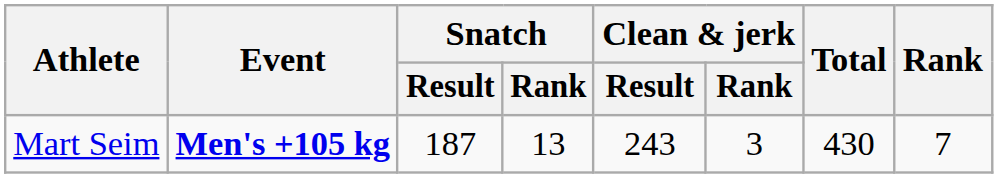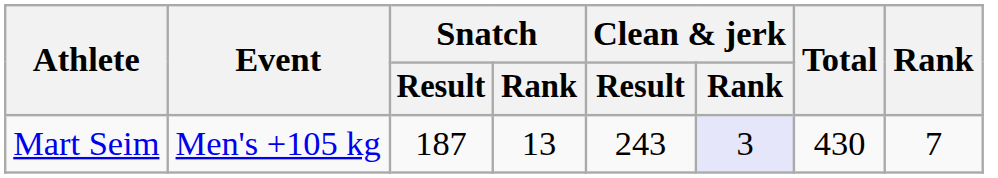 <table class="wikitable" style="font-size:90%">
 <tr>
 <th rowspan="2">Athlete</th>
 <th rowspan="2">Event</th>
 <th colspan="2">Snatch</th>
 <th colspan="2">Clean & jerk</th>
 <th rowspan="2">Total</th>
 <th rowspan="2">Rank</th>
 </tr>
 <tr style="font-size:95%">
 <th>Result</th>
 <th>Rank</th>
 <th>Result</th>
 <th>Rank</th>
 </tr>
 <tr align=center>
 <td align=left><a href='#'>Mart Seim</a></td>
-<td align=left><strong><a href='#'>Men's +105 kg</a></strong></td>
+<td align=left><a href='#'>Men's +105 kg</a></td>
 <td>187</td>
 <td>13</td>
 <td>243</td>
-<td>3</td>
+<td style="background: lavender;">3</td>
 <td>430</td>
 <td>7</td>
 </tr>
 </table>
